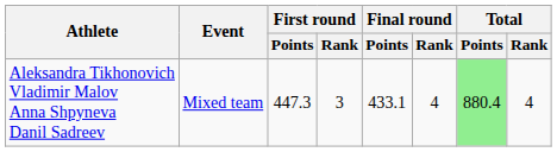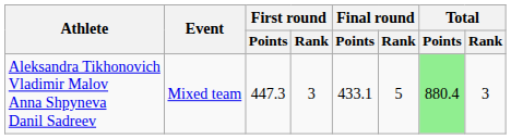 <table class="wikitable" style="font-size:90%; text-align:center;">
 <tr>
 <th rowspan=2>Athlete</th>
 <th rowspan=2>Event</th>
 <th colspan=2>First round</th>
 <th colspan=2>Final round</th>
 <th colspan=2>Total</th>
 </tr>
 <tr style="font-size:95%">
 <th>Points</th>
 <th>Rank</th>
 <th>Points</th>
 <th>Rank</th>
 <th>Points</th>
 <th>Rank</th>
 </tr>
 <tr>
 <td align=left><a href='#'>Aleksandra Tikhonovich</a><br><a href='#'>Vladimir Malov</a><br><a href='#'>Anna Shpyneva</a><br><a href='#'>Danil Sadreev</a></td>
 <td align=left><a href='#'>Mixed team</a></td>
 <td>447.3</td>
 <td>3</td>
 <td>433.1</td>
-<td>4</td>
+<td>5</td>
 <td style="background: lightgreen;">880.4</td>
-<td>4</td>
+<td>3</td>
 </tr>
 </table>
